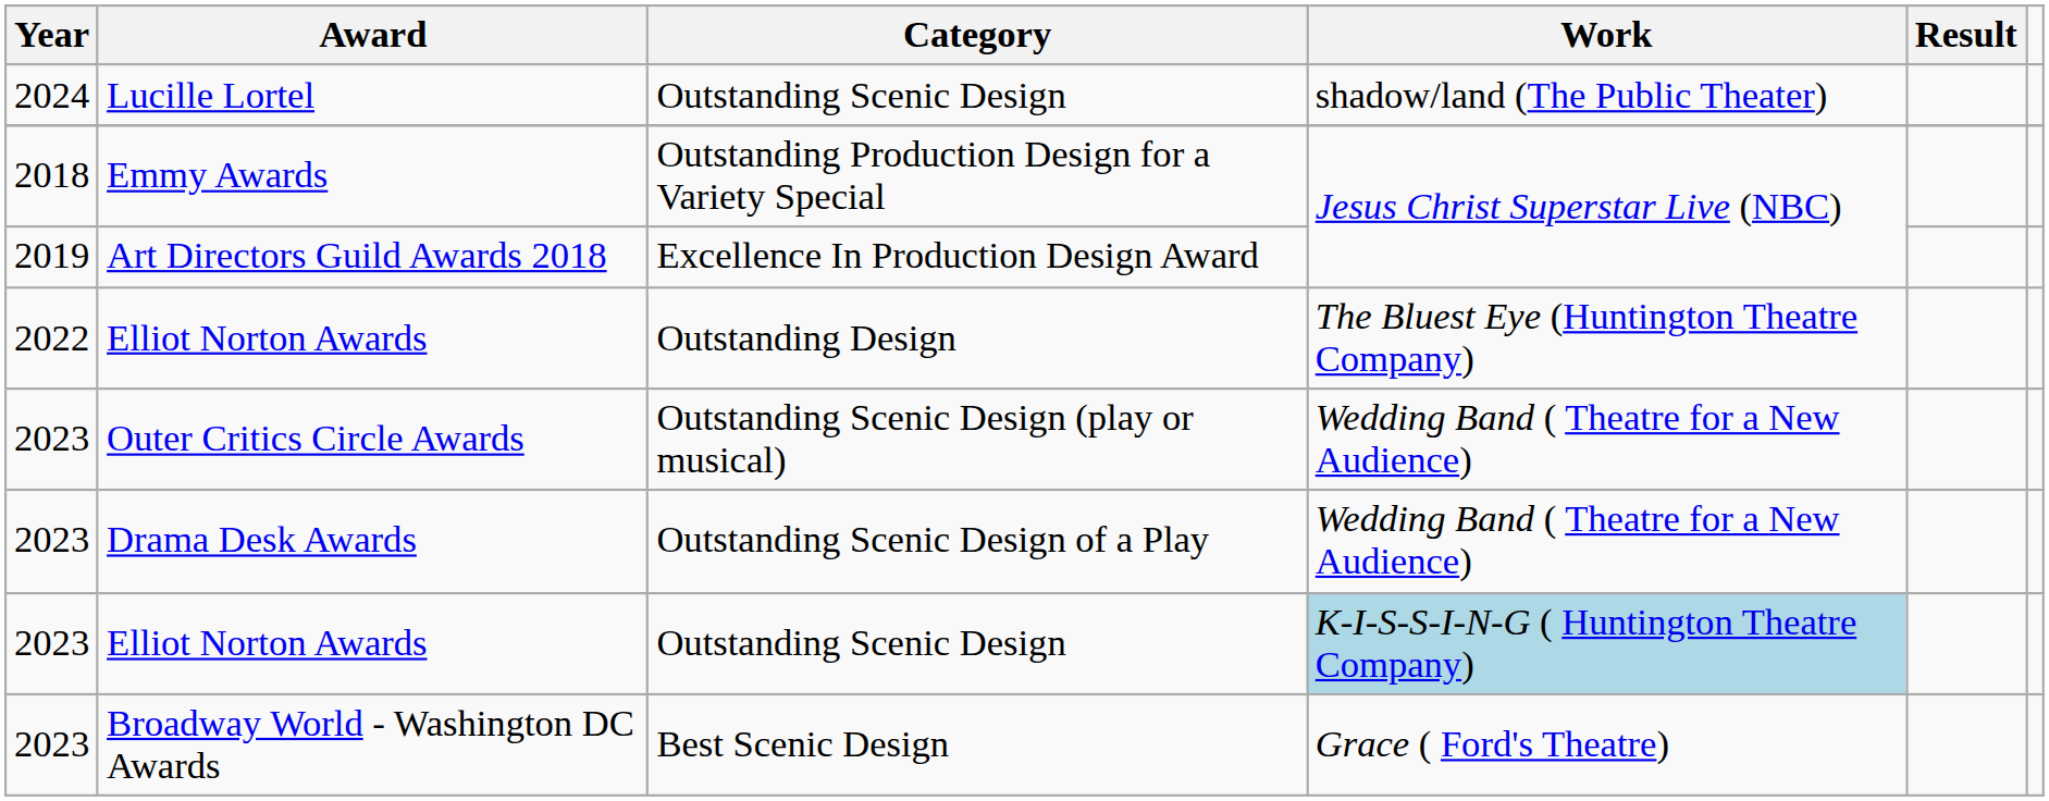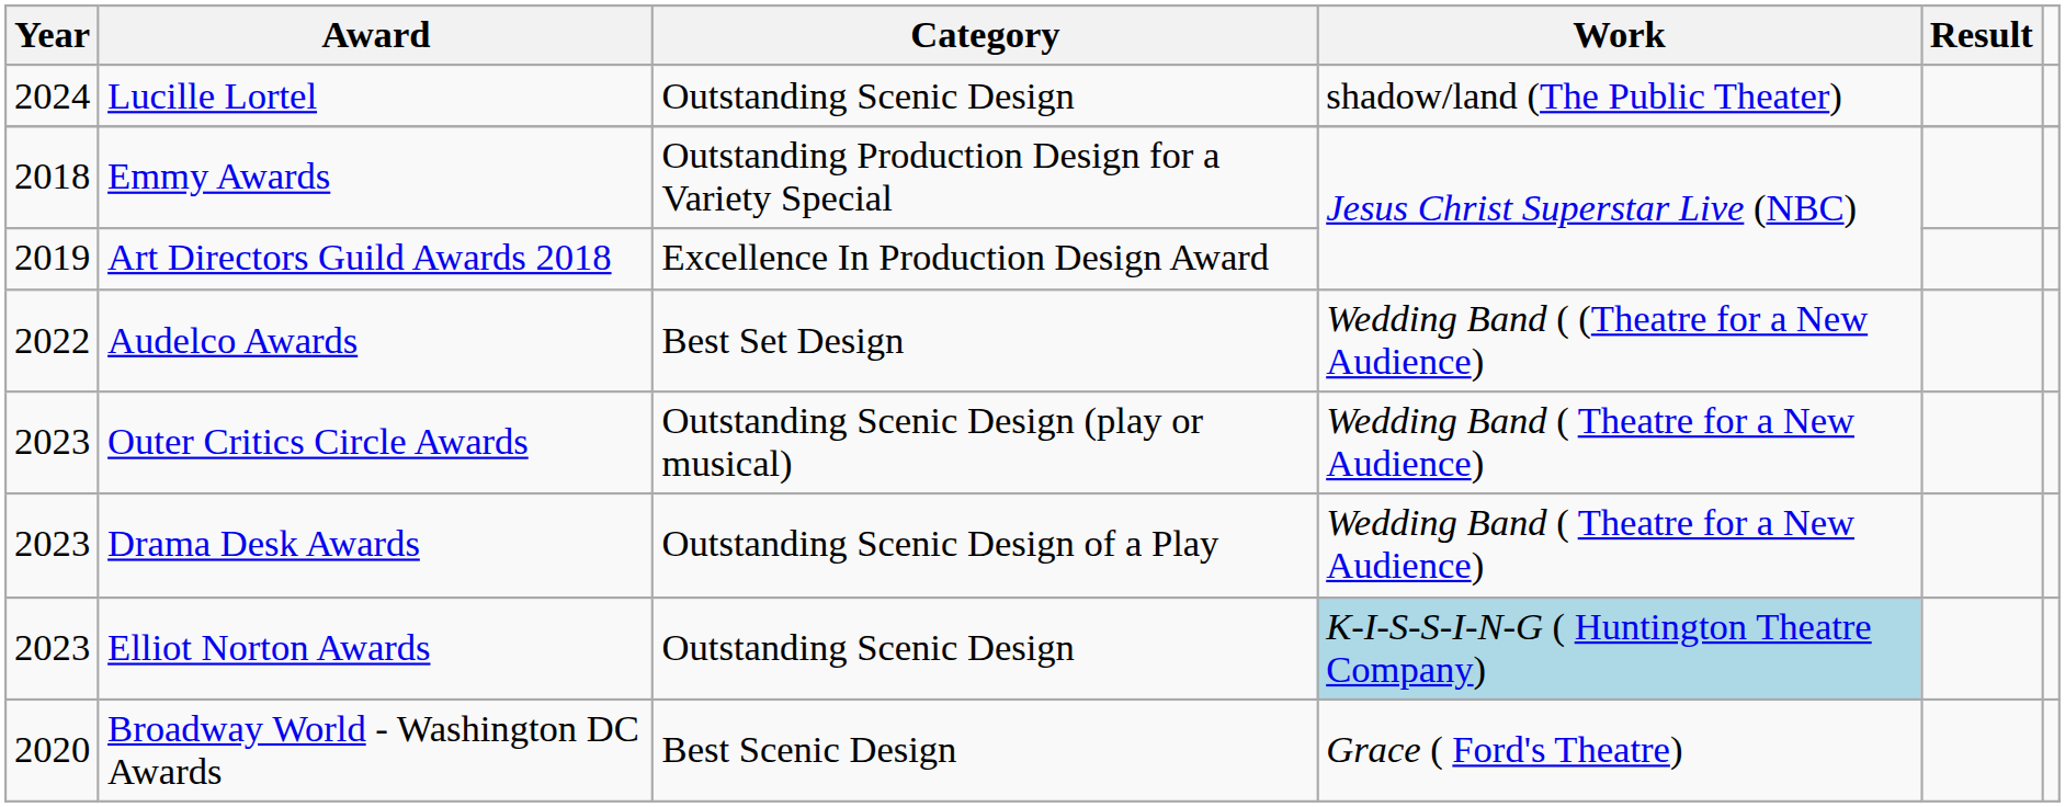 <table class="wikitable">
 <tr>
 <th>Year</th>
 <th>Award</th>
 <th>Category</th>
 <th>Work</th>
 <th>Result</th>
 </tr>
 <tr>
 <td align="center">2024</td>
 <td><a href='#'>Lucille Lortel</a></td>
 <td>Outstanding Scenic Design</td>
 <td>shadow/land (<a href='#'>The Public Theater</a>)</td>
 <td></td>
 <td align="center"></td>
 </tr>
 <tr>
 </tr>
 <tr>
 <td align="center">2018</td>
 <td><a href='#'>Emmy Awards</a></td>
 <td>Outstanding Production Design for a Variety Special</td>
 <td rowspan="2"><em><a href='#'>Jesus Christ Superstar Live</a></em> (<a href='#'>NBC</a>)</td>
 <td></td>
 <td align="center"></td>
 </tr>
 <tr>
 <td align="center">2019</td>
 <td><a href='#'>Art Directors Guild Awards 2018</a></td>
 <td>Excellence In Production Design Award</td>
 <td></td>
 <td align="center"></td>
 </tr>
 <tr>
 <td align="center">2022</td>
-<td><a href='#'>Elliot Norton Awards</a></td>
-<td>Outstanding Design</td>
-<td><em>The Bluest Eye</em> (<a href='#'>Huntington Theatre Company</a>)</td>
+<td><a href='#'>Audelco Awards</a></td>
+<td>Best Set Design</td>
+<td><em>Wedding Band</em> ( (<a href='#'>Theatre for a New Audience</a>)</td>
 <td></td>
 <td></td>
 </tr>
 <tr>
 <td align="center">2023</td>
 <td><a href='#'>Outer Critics Circle Awards</a></td>
 <td>Outstanding Scenic Design (play or musical)</td>
 <td><em>Wedding Band</em> ( <a href='#'>Theatre for a New Audience</a>)</td>
 <td></td>
 <td></td>
 </tr>
 <tr>
 <td align="center">2023</td>
 <td><a href='#'>Drama Desk Awards</a></td>
 <td>Outstanding Scenic Design of a Play</td>
 <td><em>Wedding Band</em> ( <a href='#'>Theatre for a New Audience</a>)</td>
 <td></td>
 <td></td>
 </tr>
 <tr>
 <td align="center">2023</td>
 <td><a href='#'>Elliot Norton Awards</a></td>
 <td>Outstanding Scenic Design</td>
 <td style="background: lightblue;"><em>K-I-S-S-I-N-G</em> ( <a href='#'>Huntington Theatre Company</a>)</td>
 <td></td>
 <td></td>
 </tr>
 <tr>
-<td align="center">2023</td>
+<td align="center">2020</td>
 <td><a href='#'>Broadway World</a> - Washington DC Awards</td>
 <td>Best Scenic Design</td>
 <td><em>Grace</em> ( <a href='#'>Ford's Theatre</a>)</td>
 <td></td>
 <td></td>
 </tr>
 </table>
